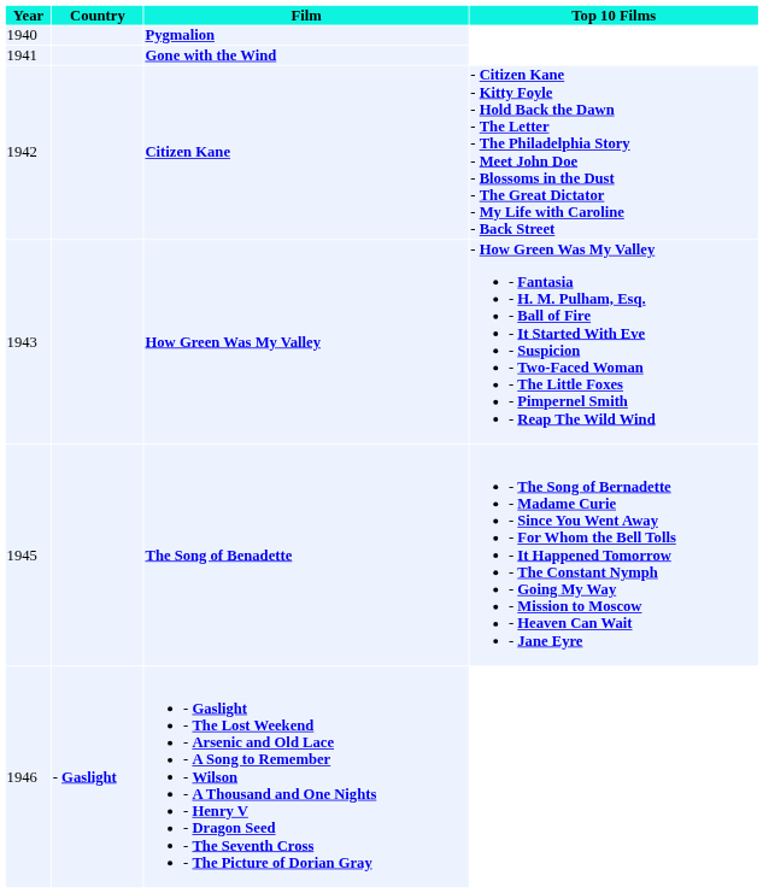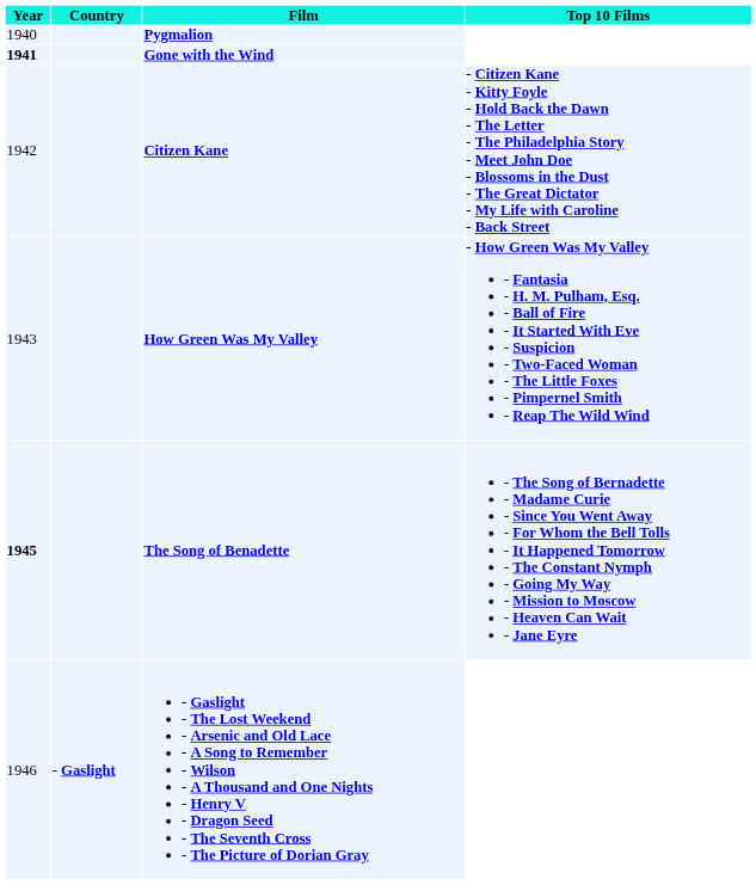 <table cellspacing="1" cellpadding="1" border="0" width="50%">
 <tr bgcolor=#"edf3fe">
 <th>Year</th>
 <th>Country</th>
 <th>Film</th>
 <th>Top 10 Films</th>
 </tr>
 <tr bgcolor=#edf3fe>
 <td>1940</td>
 <td></td>
 <td><strong><a href='#'>Pygmalion</a></strong></td>
 </tr>
 <tr bgcolor=#edf3fe>
-<td>1941</td>
+<td><strong>1941</strong></td>
 <td></td>
 <td><strong><a href='#'>Gone with the Wind</a></strong></td>
 </tr>
 <tr bgcolor=#edf3fe>
 <td>1942</td>
 <td></td>
 <td><strong><a href='#'>Citizen Kane</a></strong></td>
 <td> - <strong><a href='#'>Citizen Kane</a></strong> <br> - <strong><a href='#'>Kitty Foyle</a></strong> <br> - <strong><a href='#'>Hold Back the Dawn</a></strong> <br> - <strong><a href='#'>The Letter</a></strong> <br> - <strong><a href='#'>The Philadelphia Story</a></strong> <br>  - <strong><a href='#'>Meet John Doe</a></strong> <br> - <strong><a href='#'>Blossoms in the Dust</a></strong> <br> - <strong><a href='#'>The Great Dictator</a></strong> <br> - <strong><a href='#'>My Life with Caroline</a></strong> <br>  - <strong><a href='#'>Back Street</a></strong></td>
 </tr>
 <tr bgcolor=#edf3fe>
 <td>1943</td>
 <td></td>
 <td><strong><a href='#'>How Green Was My Valley</a></strong></td>
 <td><strong></strong> - <strong><a href='#'>How Green Was My Valley</a></strong><br><ul><li><strong></strong> - <strong><a href='#'>Fantasia</a></strong></li><li><strong></strong> - <strong><a href='#'>H. M. Pulham, Esq.</a></strong></li><li><strong></strong> - <strong><a href='#'>Ball of Fire</a></strong></li><li><strong></strong> - <strong><a href='#'>It Started With Eve</a></strong></li><li><strong></strong> - <strong><a href='#'>Suspicion</a></strong></li><li><strong></strong> - <strong><a href='#'>Two-Faced Woman</a></strong></li><li><strong></strong> - <strong><a href='#'>The Little Foxes</a></strong></li><li><strong></strong> - <strong><a href='#'>Pimpernel Smith</a></strong></li><li><strong></strong> - <strong><a href='#'>Reap The Wild Wind</a></strong></li></ul></td>
 </tr>
 <tr bgcolor=#edf3fe>
-<td>1945</td>
+<td><strong>1945</strong></td>
 <td></td>
 <td><strong><a href='#'>The Song of Benadette</a></strong></td>
 <td><br><ul><li> - <strong><a href='#'>The Song of Bernadette</a></strong></li><li> - <strong><a href='#'>Madame Curie</a></strong></li><li> - <strong><a href='#'>Since You Went Away</a></strong></li><li> - <strong><a href='#'>For Whom the Bell Tolls</a></strong></li><li> - <strong><a href='#'>It Happened Tomorrow</a></strong></li><li> - <strong><a href='#'>The Constant Nymph</a></strong></li><li> - <strong><a href='#'>Going My Way</a></strong></li><li> - <strong><a href='#'>Mission to Moscow</a></strong></li><li> - <strong><a href='#'>Heaven Can Wait</a></strong></li><li> - <strong><a href='#'>Jane Eyre</a></strong></li></ul></td>
 </tr>
 <tr bgcolor=#edf3fe>
 <td>1946</td>
 <td> - <strong><a href='#'>Gaslight</a></strong></td>
 <td><br><ul><li> - <strong><a href='#'>Gaslight</a></strong></li><li> - <strong><a href='#'>The Lost Weekend</a></strong></li><li> - <strong><a href='#'>Arsenic and Old Lace</a></strong></li><li> - <strong><a href='#'>A Song to Remember</a></strong></li><li> - <strong><a href='#'>Wilson</a></strong></li><li> - <strong><a href='#'>A Thousand and One Nights</a></strong></li><li> - <strong><a href='#'>Henry V</a></strong></li><li> - <strong><a href='#'>Dragon Seed</a></strong></li><li> - <strong><a href='#'>The Seventh Cross</a></strong></li><li> - <strong><a href='#'>The Picture of Dorian Gray</a></strong></li></ul></td>
 </tr>
 </table>
